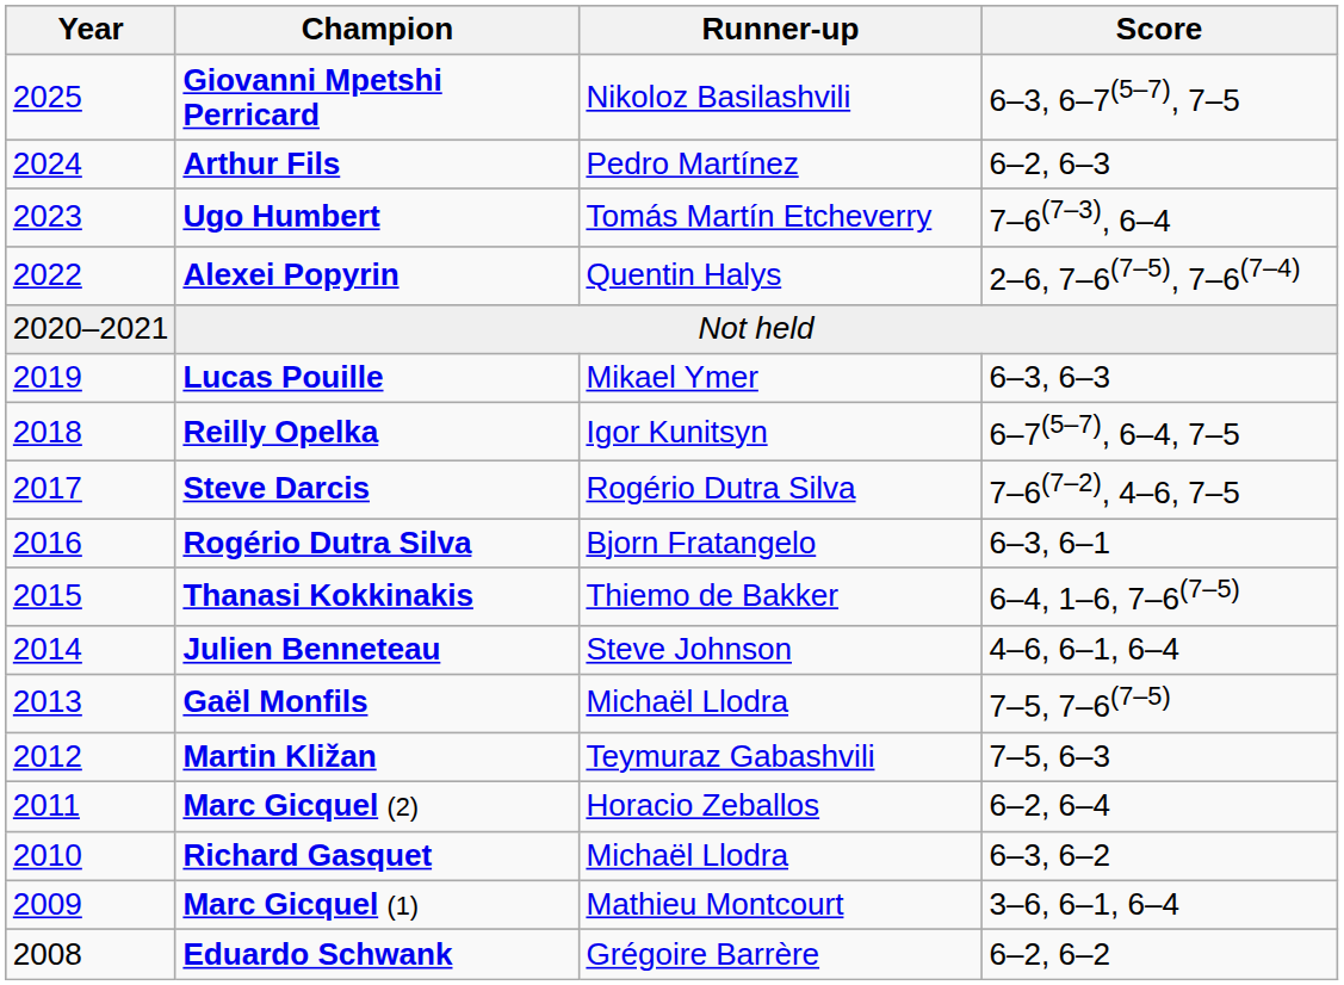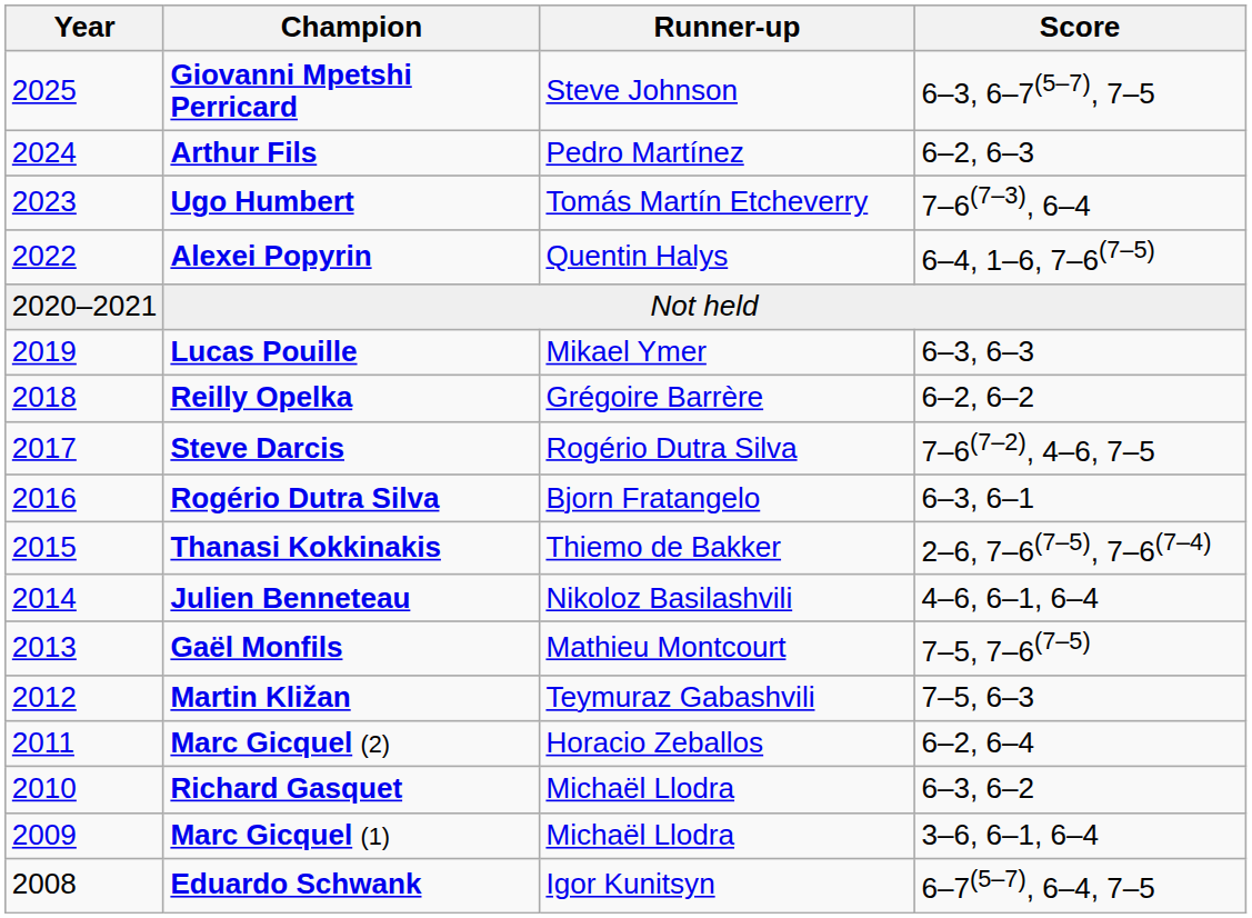 <table class="wikitable" style="font-size:100%">
 <tr>
 <th>Year</th>
 <th width="200">Champion</th>
 <th width="200">Runner-up</th>
 <th width="175">Score</th>
 </tr>
 <tr>
 <td><a href='#'>2025</a></td>
 <td> <strong><a href='#'>Giovanni Mpetshi Perricard</a></strong></td>
-<td> <a href='#'>Nikoloz Basilashvili</a></td>
+<td> <a href='#'>Steve Johnson</a></td>
 <td>6–3, 6–7<sup>(5–7)</sup>, 7–5</td>
 </tr>
 <tr>
 <td><a href='#'>2024</a></td>
 <td> <strong><a href='#'>Arthur Fils</a></strong></td>
 <td> <a href='#'>Pedro Martínez</a></td>
 <td>6–2, 6–3</td>
 </tr>
 <tr>
 <td><a href='#'>2023</a></td>
 <td> <strong><a href='#'>Ugo Humbert</a></strong></td>
 <td> <a href='#'>Tomás Martín Etcheverry</a></td>
 <td>7–6<sup>(7–3)</sup>, 6–4</td>
 </tr>
 <tr>
 <td><a href='#'>2022</a></td>
 <td> <strong><a href='#'>Alexei Popyrin</a></strong></td>
 <td> <a href='#'>Quentin Halys</a></td>
-<td>2–6, 7–6<sup>(7–5)</sup>, 7–6<sup>(7–4)</sup></td>
+<td>6–4, 1–6, 7–6<sup>(7–5)</sup></td>
 </tr>
 <tr>
 <td style="background:#efefef">2020–2021</td>
 <td colspan=3 align=center style="background:#efefef"><em>Not held</em></td>
 </tr>
 <tr>
 <td><a href='#'>2019</a></td>
 <td> <strong><a href='#'>Lucas Pouille</a></strong></td>
 <td> <a href='#'>Mikael Ymer</a></td>
 <td>6–3, 6–3</td>
 </tr>
 <tr>
 <td><a href='#'>2018</a></td>
 <td> <strong><a href='#'>Reilly Opelka</a></strong></td>
-<td> <a href='#'>Igor Kunitsyn</a></td>
-<td>6–7<sup>(5–7)</sup>, 6–4, 7–5</td>
+<td> <a href='#'>Grégoire Barrère</a></td>
+<td>6–2, 6–2</td>
 </tr>
 <tr>
 <td><a href='#'>2017</a></td>
 <td> <strong><a href='#'>Steve Darcis</a></strong></td>
 <td> <a href='#'>Rogério Dutra Silva</a></td>
 <td>7–6<sup>(7–2)</sup>, 4–6, 7–5</td>
 </tr>
 <tr>
 <td><a href='#'>2016</a></td>
 <td> <strong><a href='#'>Rogério Dutra Silva</a></strong></td>
 <td> <a href='#'>Bjorn Fratangelo</a></td>
 <td>6–3, 6–1</td>
 </tr>
 <tr>
 <td><a href='#'>2015</a></td>
 <td> <strong><a href='#'>Thanasi Kokkinakis</a></strong></td>
 <td> <a href='#'>Thiemo de Bakker</a></td>
-<td>6–4, 1–6, 7–6<sup>(7–5)</sup></td>
+<td>2–6, 7–6<sup>(7–5)</sup>, 7–6<sup>(7–4)</sup></td>
 </tr>
 <tr>
 <td><a href='#'>2014</a></td>
 <td> <strong><a href='#'>Julien Benneteau</a></strong></td>
-<td> <a href='#'>Steve Johnson</a></td>
+<td> <a href='#'>Nikoloz Basilashvili</a></td>
 <td>4–6, 6–1, 6–4</td>
 </tr>
 <tr>
 <td><a href='#'>2013</a></td>
 <td> <strong><a href='#'>Gaël Monfils</a></strong></td>
-<td> <a href='#'>Michaël Llodra</a></td>
+<td> <a href='#'>Mathieu Montcourt</a></td>
 <td>7–5, 7–6<sup>(7–5)</sup></td>
 </tr>
 <tr>
 <td><a href='#'>2012</a></td>
 <td> <strong><a href='#'>Martin Kližan</a></strong></td>
 <td> <a href='#'>Teymuraz Gabashvili</a></td>
 <td>7–5, 6–3</td>
 </tr>
 <tr>
 <td><a href='#'>2011</a></td>
 <td> <strong><a href='#'>Marc Gicquel</a></strong> <small>(2)</small></td>
 <td> <a href='#'>Horacio Zeballos</a></td>
 <td>6–2, 6–4</td>
 </tr>
 <tr>
 <td><a href='#'>2010</a></td>
 <td> <strong><a href='#'>Richard Gasquet</a></strong></td>
 <td> <a href='#'>Michaël Llodra</a></td>
 <td>6–3, 6–2</td>
 </tr>
 <tr>
 <td><a href='#'>2009</a></td>
 <td> <strong><a href='#'>Marc Gicquel</a></strong> <small>(1)</small></td>
-<td> <a href='#'>Mathieu Montcourt</a></td>
+<td> <a href='#'>Michaël Llodra</a></td>
 <td>3–6, 6–1, 6–4</td>
 </tr>
 <tr>
 <td>2008</td>
 <td> <strong><a href='#'>Eduardo Schwank</a></strong></td>
-<td> <a href='#'>Grégoire Barrère</a></td>
-<td>6–2, 6–2</td>
+<td> <a href='#'>Igor Kunitsyn</a></td>
+<td>6–7<sup>(5–7)</sup>, 6–4, 7–5</td>
 </tr>
 </table>
